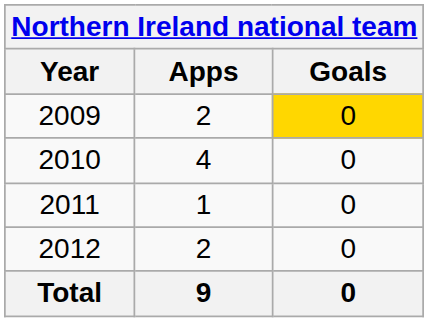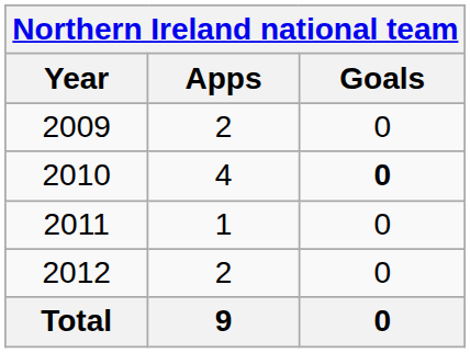 <table class="wikitable" style="text-align:center">
 <tr>
 <th colspan=3><a href='#'>Northern Ireland national team</a></th>
 </tr>
 <tr>
 <th>Year</th>
 <th>Apps</th>
 <th>Goals</th>
 </tr>
 <tr>
 <td>2009</td>
 <td>2</td>
-<td style="background: gold;">0</td>
+<td>0</td>
 </tr>
 <tr>
 <td>2010</td>
 <td>4</td>
-<td>0</td>
+<td><strong>0</strong></td>
 </tr>
 <tr>
 <td>2011</td>
 <td>1</td>
 <td>0</td>
 </tr>
 <tr>
 <td>2012</td>
 <td>2</td>
 <td>0</td>
 </tr>
 <tr>
 <th>Total</th>
 <th>9</th>
 <th>0</th>
 </tr>
 </table>
